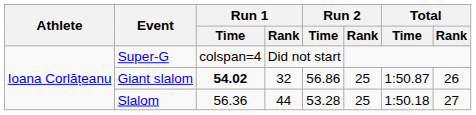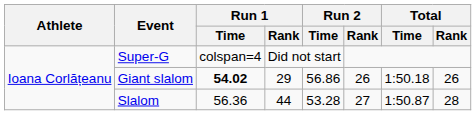 <table class="wikitable" style="font-size:90%">
 <tr>
 <th rowspan=2>Athlete</th>
 <th rowspan=2>Event</th>
 <th colspan=2>Run 1</th>
 <th colspan=2>Run 2</th>
 <th colspan=2>Total</th>
 </tr>
 <tr style="font-size:95%">
 <th>Time</th>
 <th>Rank</th>
 <th>Time</th>
 <th>Rank</th>
 <th>Time</th>
 <th>Rank</th>
 </tr>
 <tr align=center>
 <td align="left" rowspan="3"><a href='#'>Ioana Corlățeanu</a></td>
 <td align="left"><a href='#'>Super-G</a></td>
 <td>colspan=4</td>
 <td colspan=2>Did not start</td>
 </tr>
 <tr align=center>
 <td align="left"><a href='#'>Giant slalom</a></td>
 <td><strong>54.02</strong></td>
-<td>32</td>
+<td>29</td>
 <td>56.86</td>
-<td>25</td>
-<td>1:50.87</td>
+<td>26</td>
+<td>1:50.18</td>
 <td>26</td>
 </tr>
 <tr align=center>
 <td align="left"><a href='#'>Slalom</a></td>
 <td>56.36</td>
 <td>44</td>
 <td>53.28</td>
-<td>25</td>
-<td>1:50.18</td>
 <td>27</td>
+<td>1:50.87</td>
+<td>28</td>
 </tr>
 </table>
